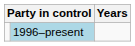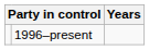 <table class="wikitable">
 <tr>
 <th colspan="2">Party in control</th>
 <th>Years</th>
 </tr>
 <tr>
 <td></td>
-<td style="background: lightblue;">1996–present</td>
+<td>1996–present</td>
 </tr>
 </table>
